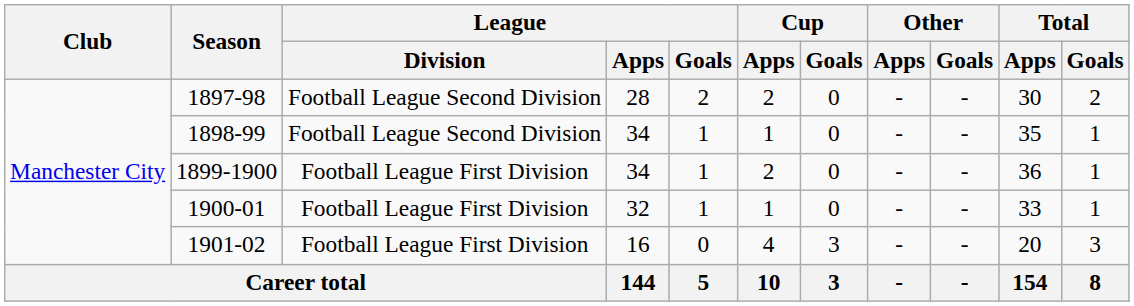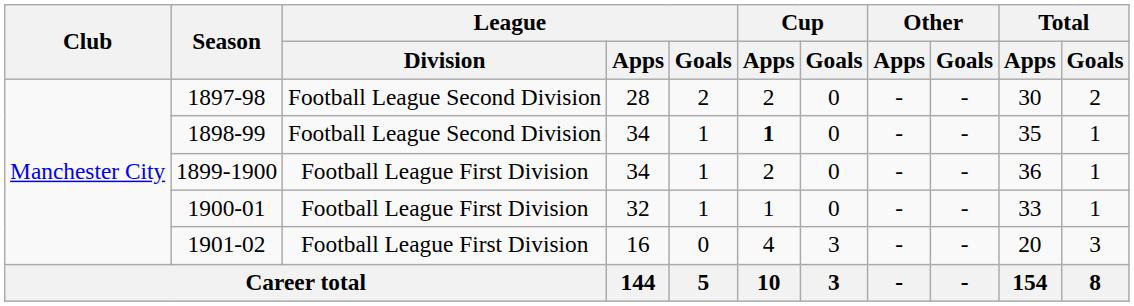 <table class="wikitable" style="text-align: center;">
 <tr>
 <th rowspan="2">Club</th>
 <th rowspan="2">Season</th>
 <th colspan="3">League</th>
 <th colspan="2">Cup</th>
 <th colspan="2">Other</th>
 <th colspan="2">Total</th>
 </tr>
 <tr>
 <th>Division</th>
 <th>Apps</th>
 <th>Goals</th>
 <th>Apps</th>
 <th>Goals</th>
 <th>Apps</th>
 <th>Goals</th>
 <th>Apps</th>
 <th>Goals</th>
 </tr>
 <tr>
 <td rowspan="5" valign="center"><a href='#'>Manchester City</a></td>
 <td>1897-98</td>
 <td>Football League Second Division</td>
 <td>28</td>
 <td>2</td>
 <td>2</td>
 <td>0</td>
 <td>-</td>
 <td>-</td>
 <td>30</td>
 <td>2</td>
 </tr>
 <tr>
 <td>1898-99</td>
 <td>Football League Second Division</td>
 <td>34</td>
 <td>1</td>
-<td>1</td>
+<td><strong>1</strong></td>
 <td>0</td>
 <td>-</td>
 <td>-</td>
 <td>35</td>
 <td>1</td>
 </tr>
 <tr>
 <td>1899-1900</td>
 <td>Football League First Division</td>
 <td>34</td>
 <td>1</td>
 <td>2</td>
 <td>0</td>
 <td>-</td>
 <td>-</td>
 <td>36</td>
 <td>1</td>
 </tr>
 <tr>
 <td>1900-01</td>
 <td>Football League First Division</td>
 <td>32</td>
 <td>1</td>
 <td>1</td>
 <td>0</td>
 <td>-</td>
 <td>-</td>
 <td>33</td>
 <td>1</td>
 </tr>
 <tr>
 <td>1901-02</td>
 <td>Football League First Division</td>
 <td>16</td>
 <td>0</td>
 <td>4</td>
 <td>3</td>
 <td>-</td>
 <td>-</td>
 <td>20</td>
 <td>3</td>
 </tr>
 <tr>
 <th colspan="3">Career total</th>
 <th>144</th>
 <th>5</th>
 <th>10</th>
 <th>3</th>
 <th>-</th>
 <th>-</th>
 <th>154</th>
 <th>8</th>
 </tr>
 </table>
